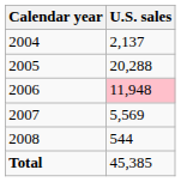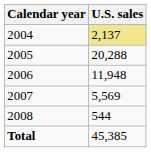 <table class="wikitable">
 <tr>
 <th>Calendar year</th>
 <th>U.S. sales</th>
 </tr>
 <tr>
 <td>2004</td>
-<td>2,137</td>
+<td style="background: khaki;">2,137</td>
 </tr>
 <tr>
 <td>2005</td>
 <td>20,288</td>
 </tr>
 <tr>
 <td>2006</td>
-<td style="background: pink;">11,948</td>
+<td>11,948</td>
 </tr>
 <tr>
 <td>2007</td>
 <td>5,569</td>
 </tr>
 <tr>
 <td>2008</td>
 <td>544</td>
 </tr>
 <tr>
 <td><strong>Total</strong></td>
 <td>45,385</td>
 </tr>
 </table>
